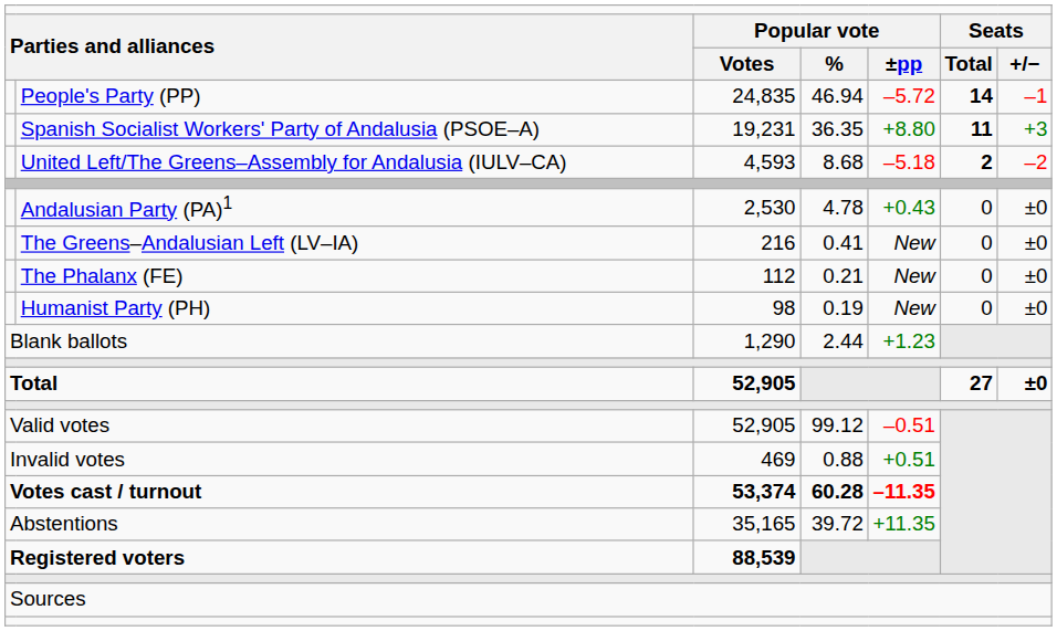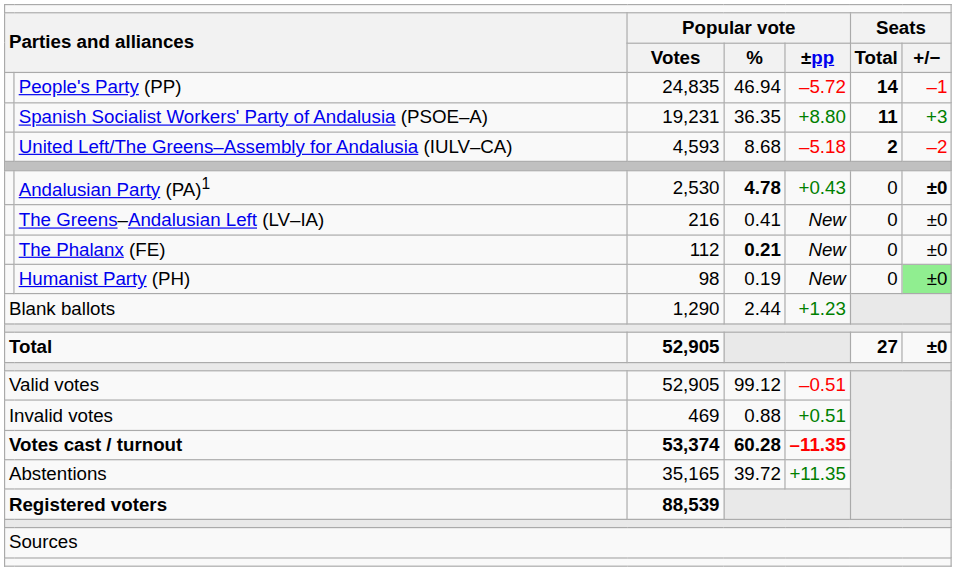 <table class="wikitable" style="text-align:right;">
 <tr>
 <td colspan="7"></td>
 </tr>
 <tr>
 <th style="text-align:left;" rowspan="2" colspan="2" width="525">Parties and alliances</th>
 <th colspan="3">Popular vote</th>
 <th colspan="2">Seats</th>
 </tr>
 <tr>
 <th width="75">Votes</th>
 <th width="45">%</th>
 <th width="45">±<a href='#'>pp</a></th>
 <th width="35">Total</th>
 <th width="35">+/−</th>
 </tr>
 <tr>
 <td width="1" style="color:inherit;background:"></td>
 <td align="left"><a href='#'>People's Party</a> (PP)</td>
 <td>24,835</td>
 <td>46.94</td>
 <td style="color:red;">–5.72</td>
 <td><strong>14</strong></td>
 <td style="color:red;">–1</td>
 </tr>
 <tr>
 <td style="color:inherit;background:"></td>
 <td align="left"><a href='#'>Spanish Socialist Workers' Party of Andalusia</a> (PSOE–A)</td>
 <td>19,231</td>
 <td>36.35</td>
 <td style="color:green;">+8.80</td>
 <td><strong>11</strong></td>
 <td style="color:green;">+3</td>
 </tr>
 <tr>
 <td style="color:inherit;background:"></td>
 <td align="left"><a href='#'>United Left/The Greens–Assembly for Andalusia</a> (IULV–CA)</td>
 <td>4,593</td>
 <td>8.68</td>
 <td style="color:red;">–5.18</td>
 <td><strong>2</strong></td>
 <td style="color:red;">–2</td>
 </tr>
 <tr>
 <td colspan="7" bgcolor="#C0C0C0"></td>
 </tr>
 <tr>
 <td style="color:inherit;background:"></td>
 <td align="left"><a href='#'>Andalusian Party</a> (PA)<sup>1</sup></td>
 <td>2,530</td>
-<td>4.78</td>
+<td><strong>4.78</strong></td>
 <td style="color:green;">+0.43</td>
 <td>0</td>
-<td>±0</td>
+<td><strong>±0</strong></td>
 </tr>
 <tr>
 <td style="color:inherit;background:"></td>
 <td align="left"><a href='#'>The Greens</a>–<a href='#'>Andalusian Left</a> (LV–IA)</td>
 <td>216</td>
 <td>0.41</td>
 <td><em>New</em></td>
 <td>0</td>
 <td>±0</td>
 </tr>
 <tr>
 <td style="color:inherit;background:"></td>
 <td align="left"><a href='#'>The Phalanx</a> (FE)</td>
 <td>112</td>
-<td>0.21</td>
+<td><strong>0.21</strong></td>
 <td><em>New</em></td>
 <td>0</td>
 <td>±0</td>
 </tr>
 <tr>
 <td style="color:inherit;background:"></td>
 <td align="left"><a href='#'>Humanist Party</a> (PH)</td>
 <td>98</td>
 <td>0.19</td>
 <td><em>New</em></td>
 <td>0</td>
-<td>±0</td>
+<td style="background: lightgreen;">±0</td>
 </tr>
 <tr>
 <td align="left" colspan="2">Blank ballots</td>
 <td>1,290</td>
 <td>2.44</td>
 <td style="color:green;">+1.23</td>
 <td bgcolor="#E9E9E9" colspan="2"></td>
 </tr>
 <tr>
 <td colspan="7" bgcolor="#E9E9E9"></td>
 </tr>
 <tr style="font-weight:bold;">
 <td align="left" colspan="2">Total</td>
 <td>52,905</td>
 <td bgcolor="#E9E9E9" colspan="2"></td>
 <td>27</td>
 <td>±0</td>
 </tr>
 <tr>
 <td colspan="7" bgcolor="#E9E9E9"></td>
 </tr>
 <tr>
 <td align="left" colspan="2">Valid votes</td>
 <td>52,905</td>
 <td>99.12</td>
 <td style="color:red;">–0.51</td>
 <td bgcolor="#E9E9E9" colspan="2" rowspan="5"></td>
 </tr>
 <tr>
 <td align="left" colspan="2">Invalid votes</td>
 <td>469</td>
 <td>0.88</td>
 <td style="color:green;">+0.51</td>
 </tr>
 <tr style="font-weight:bold;">
 <td align="left" colspan="2">Votes cast / turnout</td>
 <td>53,374</td>
 <td>60.28</td>
 <td style="color:red;">–11.35</td>
 </tr>
 <tr>
 <td align="left" colspan="2">Abstentions</td>
 <td>35,165</td>
 <td>39.72</td>
 <td style="color:green;">+11.35</td>
 </tr>
 <tr style="font-weight:bold;">
 <td align="left" colspan="2">Registered voters</td>
 <td>88,539</td>
 <td bgcolor="#E9E9E9" colspan="2"></td>
 </tr>
 <tr>
 <td colspan="7" bgcolor="#E9E9E9"></td>
 </tr>
 <tr>
 <td align="left" colspan="7">Sources</td>
 </tr>
 <tr>
 <td colspan="7" style="text-align:left; max-width:790px;"></td>
 </tr>
 </table>
